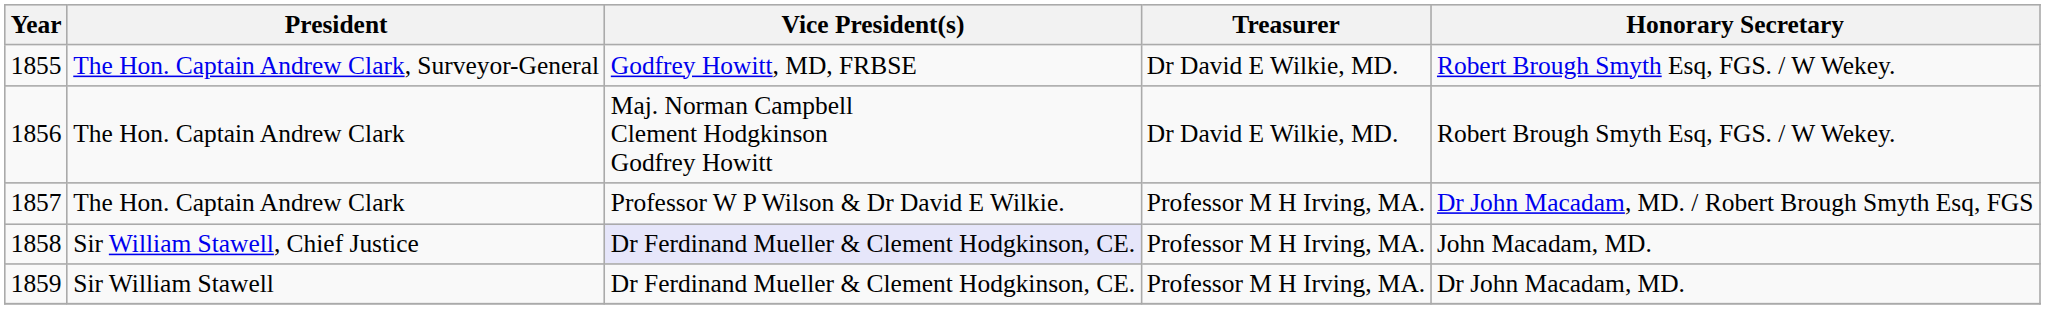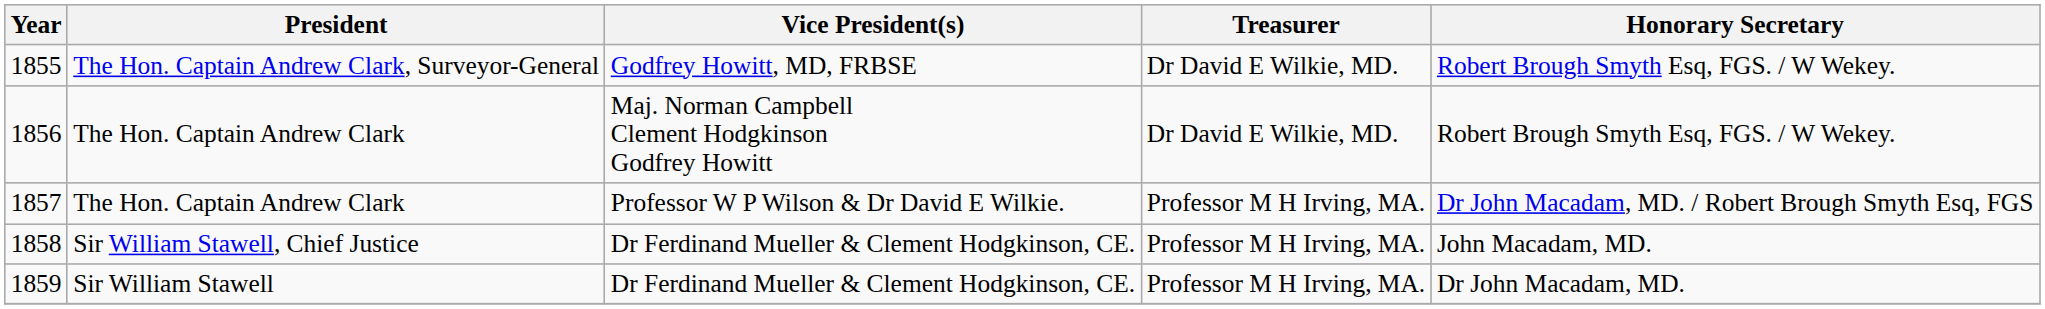 <table class="wikitable">
 <tr>
 <th>Year</th>
 <th>President</th>
 <th>Vice President(s)</th>
 <th>Treasurer</th>
 <th>Honorary Secretary</th>
 </tr>
 <tr>
 <td>1855</td>
 <td><a href='#'>The Hon. Captain Andrew Clark</a>, Surveyor-General</td>
 <td><a href='#'>Godfrey Howitt</a>, MD, FRBSE</td>
 <td>Dr David E Wilkie, MD.</td>
 <td><a href='#'>Robert Brough Smyth</a> Esq, FGS. / W Wekey.</td>
 </tr>
 <tr>
 <td>1856</td>
 <td>The Hon. Captain Andrew Clark</td>
 <td>Maj. Norman Campbell<br>Clement Hodgkinson<br>Godfrey Howitt</td>
 <td>Dr David E Wilkie, MD.</td>
 <td>Robert Brough Smyth Esq, FGS. / W Wekey.</td>
 </tr>
 <tr>
 <td>1857</td>
 <td>The Hon. Captain Andrew Clark</td>
 <td>Professor W P Wilson & Dr David E Wilkie.</td>
 <td>Professor M H Irving, MA.</td>
 <td><a href='#'>Dr John Macadam</a>, MD. / Robert Brough Smyth Esq, FGS</td>
 </tr>
 <tr>
 <td>1858</td>
 <td>Sir <a href='#'>William Stawell</a>, Chief Justice</td>
-<td style="background: lavender;">Dr Ferdinand Mueller & Clement Hodgkinson, CE.</td>
+<td>Dr Ferdinand Mueller & Clement Hodgkinson, CE.</td>
 <td>Professor M H Irving, MA.</td>
 <td>John Macadam, MD.</td>
 </tr>
 <tr>
 <td>1859</td>
 <td>Sir William Stawell</td>
 <td>Dr Ferdinand Mueller & Clement Hodgkinson, CE.</td>
 <td>Professor M H Irving, MA.</td>
 <td>Dr John Macadam, MD.</td>
 </tr>
 <tr>
 </tr>
 </table>
